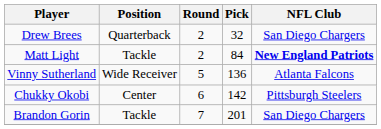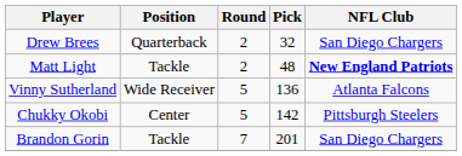 <table class="wikitable" style="text-align:center">
 <tr>
 <th>Player</th>
 <th>Position</th>
 <th>Round</th>
 <th>Pick</th>
 <th>NFL Club</th>
 </tr>
 <tr>
 <td><a href='#'>Drew Brees</a></td>
 <td>Quarterback</td>
 <td>2</td>
 <td>32</td>
 <td><a href='#'>San Diego Chargers</a></td>
 </tr>
 <tr>
 <td><a href='#'>Matt Light</a></td>
 <td>Tackle</td>
 <td>2</td>
-<td>84</td>
+<td>48</td>
 <td><strong><a href='#'>New England Patriots</a></strong></td>
 </tr>
 <tr>
 <td><a href='#'>Vinny Sutherland</a></td>
 <td>Wide Receiver</td>
 <td>5</td>
 <td>136</td>
 <td><a href='#'>Atlanta Falcons</a></td>
 </tr>
 <tr>
 <td><a href='#'>Chukky Okobi</a></td>
 <td>Center</td>
-<td>6</td>
+<td>5</td>
 <td>142</td>
 <td><a href='#'>Pittsburgh Steelers</a></td>
 </tr>
 <tr>
 <td><a href='#'>Brandon Gorin</a></td>
 <td>Tackle</td>
 <td>7</td>
 <td>201</td>
 <td><a href='#'>San Diego Chargers</a></td>
 </tr>
 <tr>
 </tr>
 </table>
